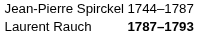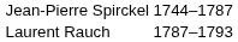 <table>
 <tr>
 <td>Jean-Pierre Spirckel</td>
 <td>1744–1787</td>
 </tr>
 <tr>
 <td>Laurent Rauch</td>
-<td><strong>1787–1793</strong></td>
+<td>1787–1793</td>
 </tr>
 </table>
